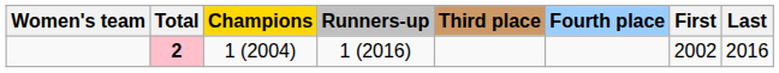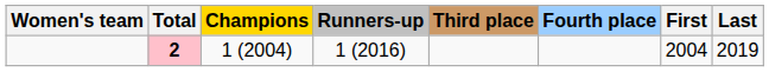 <table class="wikitable" style="text-align: center; font-size: 90%; margin-left: 1em;">
 <tr>
 <th>Women's team</th>
 <th>Total</th>
 <th style="background-color: gold;">Champions</th>
 <th style="background-color: silver;">Runners-up</th>
 <th style="background-color: #cc9966;">Third place</th>
 <th style="background-color: #9acdff;">Fourth place</th>
 <th>First</th>
 <th>Last</th>
 </tr>
 <tr>
 <td style="text-align: left;"></td>
 <td style="background: pink;"><strong>2</strong></td>
 <td>1 (2004)</td>
 <td>1 (2016)</td>
 <td></td>
 <td></td>
-<td>2002</td>
-<td>2016</td>
+<td>2004</td>
+<td>2019</td>
 </tr>
 </table>
